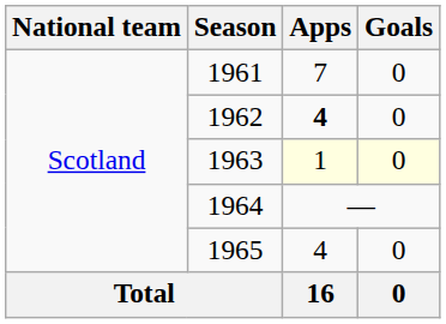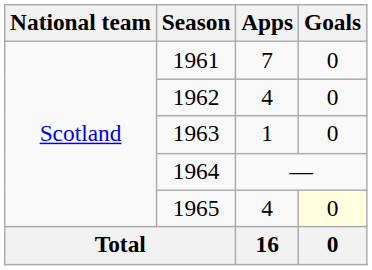 <table class="wikitable" style="text-align:center">
 <tr>
 <th>National team</th>
 <th>Season</th>
 <th>Apps</th>
 <th>Goals</th>
 </tr>
 <tr>
 <td rowspan="5"><a href='#'>Scotland</a></td>
 <td>1961</td>
 <td>7</td>
 <td>0</td>
 </tr>
 <tr>
 <td>1962</td>
-<td><strong>4</strong></td>
+<td>4</td>
 <td>0</td>
 </tr>
 <tr>
 <td>1963</td>
-<td style="background: lightyellow;">1</td>
-<td style="background: lightyellow;">0</td>
+<td>1</td>
+<td>0</td>
 </tr>
 <tr>
 <td>1964</td>
 <td colspan=2>—</td>
 </tr>
 <tr>
 <td>1965</td>
 <td>4</td>
-<td>0</td>
+<td style="background: lightyellow;">0</td>
 </tr>
 <tr>
 <th colspan="2">Total</th>
 <th>16</th>
 <th>0</th>
 </tr>
 </table>
